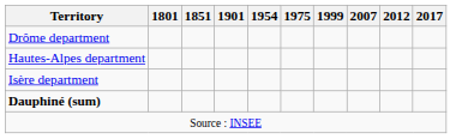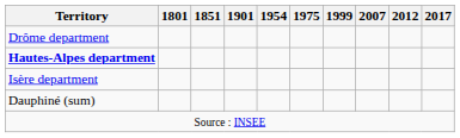 <table class="wikitable">
 <tr>
 <th>Territory</th>
 <th>1801</th>
 <th>1851</th>
 <th>1901</th>
 <th>1954</th>
 <th>1975</th>
 <th>1999</th>
 <th>2007</th>
 <th>2012</th>
 <th>2017</th>
 </tr>
 <tr>
 <td align=left><a href='#'>Drôme department</a></td>
 <td></td>
 <td></td>
 <td></td>
 <td></td>
 <td></td>
 <td></td>
 <td></td>
 <td></td>
 <td></td>
 </tr>
 <tr>
-<td align=left><a href='#'>Hautes-Alpes department</a></td>
+<td align=left><strong><a href='#'>Hautes-Alpes department</a></strong></td>
 <td></td>
 <td></td>
 <td></td>
 <td></td>
 <td></td>
 <td></td>
 <td></td>
 <td></td>
 <td></td>
 </tr>
 <tr>
 <td align=left><a href='#'>Isère department</a></td>
 <td></td>
 <td></td>
 <td></td>
 <td></td>
 <td></td>
 <td></td>
 <td></td>
 <td></td>
 <td></td>
 </tr>
 <tr>
-<td align=left><strong>Dauphiné (sum)</strong></td>
+<td align=left>Dauphiné (sum)</td>
 <td></td>
 <td></td>
 <td></td>
 <td></td>
 <td></td>
 <td></td>
 <td></td>
 <td></td>
 <td></td>
 </tr>
 <tr>
 <td colspan="12" style="text-align:center;"><small> Source : <a href='#'>INSEE</a></small></td>
 </tr>
 </table>
